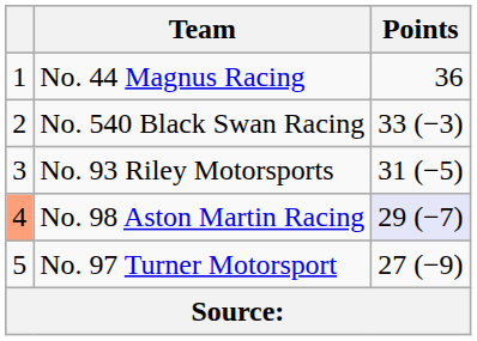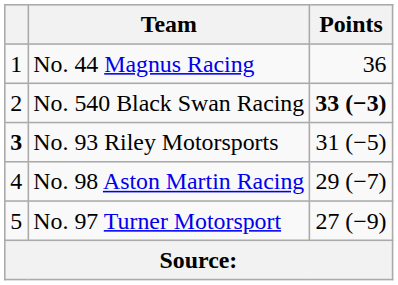 <table class="wikitable" style="font-size: 95%;">
 <tr>
 <th scope="col"></th>
 <th scope="col">Team</th>
 <th scope="col">Points</th>
 </tr>
 <tr>
 <td align=center>1</td>
 <td> No. 44 <a href='#'>Magnus Racing</a></td>
 <td align=right>36</td>
 </tr>
 <tr>
 <td align=center>2</td>
 <td> No. 540 Black Swan Racing</td>
-<td align=right>33 (−3)</td>
+<td align=right><strong>33 (−3)</strong></td>
 </tr>
 <tr>
-<td align=center>3</td>
+<td align=center><strong>3</strong></td>
 <td> No. 93 Riley Motorsports</td>
 <td align=right>31 (−5)</td>
 </tr>
 <tr>
-<td align=center style="background: lightsalmon;">4</td>
+<td align=center>4</td>
 <td> No. 98 <a href='#'>Aston Martin Racing</a></td>
-<td align=right style="background: lavender;">29 (−7)</td>
+<td align=right>29 (−7)</td>
 </tr>
 <tr>
 <td align=center>5</td>
 <td> No. 97 <a href='#'>Turner Motorsport</a></td>
 <td align=right>27 (−9)</td>
 </tr>
 <tr>
 <th colspan=4>Source:</th>
 </tr>
 </table>
